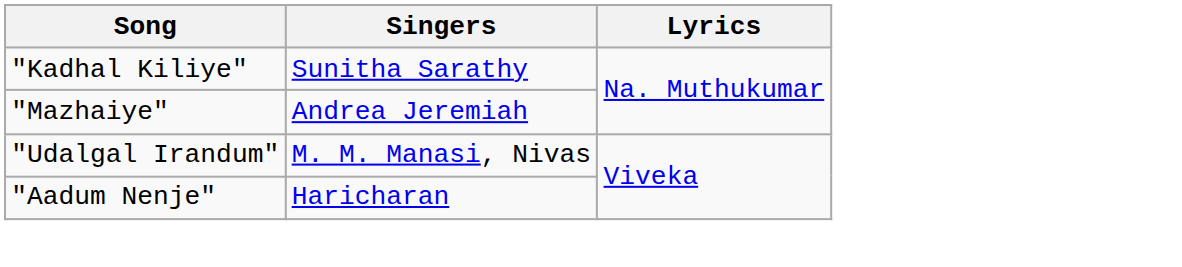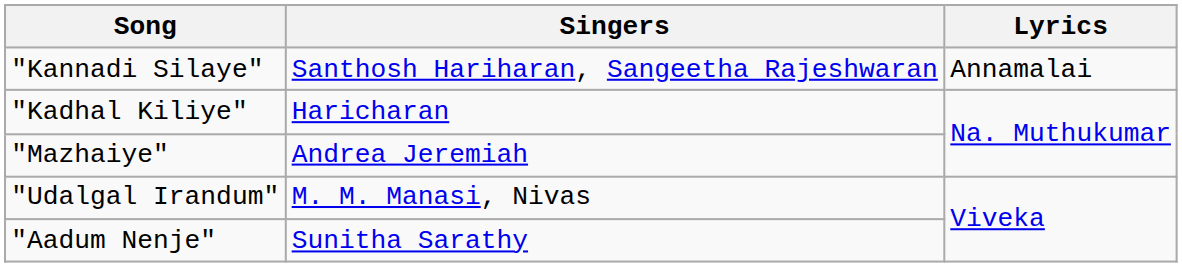 <table class="wikitable">
 <tr>
 <th>Song</th>
 <th>Singers</th>
 <th>Lyrics</th>
 </tr>
 <tr>
+<td>"Kannadi Silaye"</td>
+<td><a href='#'>Santhosh Hariharan</a>, <a href='#'>Sangeetha Rajeshwaran</a></td>
+<td>Annamalai</td>
+</tr>
+<tr>
 <td>"Kadhal Kiliye"</td>
-<td><a href='#'>Sunitha Sarathy</a></td>
+<td><a href='#'>Haricharan</a></td>
 <td rowspan=2><a href='#'>Na. Muthukumar</a></td>
 </tr>
 <tr>
 <td>"Mazhaiye"</td>
 <td><a href='#'>Andrea Jeremiah</a></td>
 </tr>
 <tr>
 <td>"Udalgal Irandum"</td>
 <td><a href='#'>M. M. Manasi</a>, Nivas</td>
 <td rowspan=2><a href='#'>Viveka</a></td>
 </tr>
 <tr>
 <td>"Aadum Nenje"</td>
-<td><a href='#'>Haricharan</a></td>
+<td><a href='#'>Sunitha Sarathy</a></td>
 </tr>
 </table>
